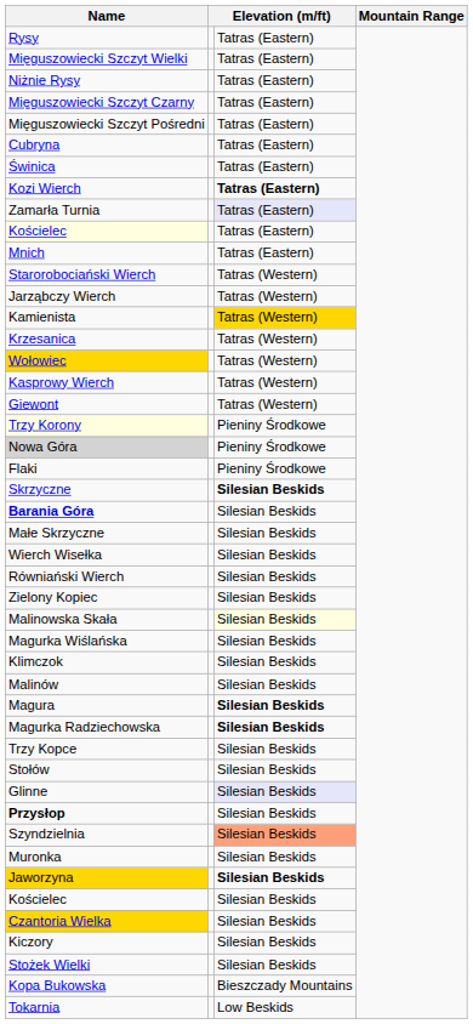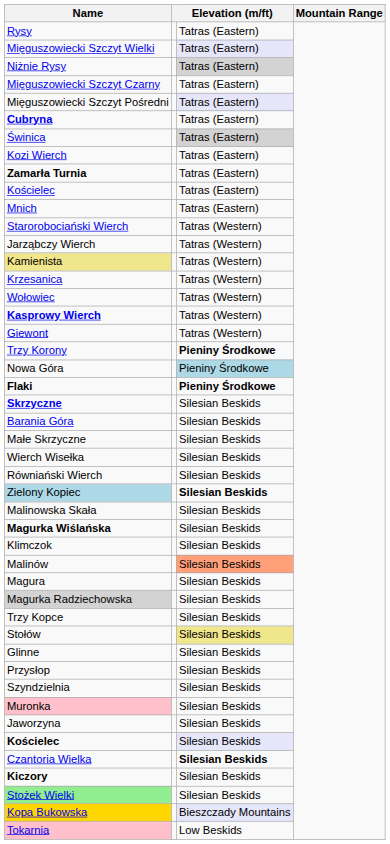 <table class="wikitable sortable">
 <tr>
 <th>Name</th>
 <th colspan=2>Elevation (m/ft)</th>
 <th>Mountain Range</th>
 </tr>
 <tr>
 <td><a href='#'>Rysy</a></td>
 <td></td>
 <td>Tatras (Eastern)</td>
 </tr>
 <tr>
 <td><a href='#'>Mięguszowiecki Szczyt Wielki</a></td>
 <td></td>
-<td>Tatras (Eastern)</td>
+<td style="background: lavender;">Tatras (Eastern)</td>
 </tr>
 <tr>
 <td><a href='#'>Niżnie Rysy</a></td>
 <td></td>
-<td>Tatras (Eastern)</td>
+<td style="background: lightgrey;">Tatras (Eastern)</td>
 </tr>
 <tr>
 <td><a href='#'>Mięguszowiecki Szczyt Czarny</a></td>
 <td></td>
 <td>Tatras (Eastern)</td>
 </tr>
 <tr>
 <td>Mięguszowiecki Szczyt Pośredni</td>
 <td></td>
-<td>Tatras (Eastern)</td>
+<td style="background: lavender;">Tatras (Eastern)</td>
 </tr>
 <tr>
-<td><a href='#'>Cubryna</a></td>
+<td><strong><a href='#'>Cubryna</a></strong></td>
 <td></td>
 <td>Tatras (Eastern)</td>
 </tr>
 <tr>
 <td><a href='#'>Świnica</a></td>
 <td></td>
-<td>Tatras (Eastern)</td>
+<td style="background: lightgrey;">Tatras (Eastern)</td>
 </tr>
 <tr>
 <td><a href='#'>Kozi Wierch</a></td>
 <td></td>
-<td><strong>Tatras (Eastern)</strong></td>
+<td>Tatras (Eastern)</td>
 </tr>
 <tr>
-<td>Zamarła Turnia</td>
+<td><strong>Zamarła Turnia</strong></td>
 <td></td>
-<td style="background: lavender;">Tatras (Eastern)</td>
+<td>Tatras (Eastern)</td>
 </tr>
 <tr>
-<td style="background: lightyellow;"><a href='#'>Kościelec</a></td>
+<td><a href='#'>Kościelec</a></td>
 <td></td>
 <td>Tatras (Eastern)</td>
 </tr>
 <tr>
 <td><a href='#'>Mnich</a></td>
 <td></td>
 <td>Tatras (Eastern)</td>
 </tr>
 <tr>
 <td><a href='#'>Starorobociański Wierch</a></td>
 <td></td>
 <td>Tatras (Western)</td>
 </tr>
 <tr>
 <td>Jarząbczy Wierch</td>
 <td></td>
 <td>Tatras (Western)</td>
 </tr>
 <tr>
-<td>Kamienista</td>
+<td style="background: khaki;">Kamienista</td>
 <td></td>
-<td style="background: gold;">Tatras (Western)</td>
+<td>Tatras (Western)</td>
 </tr>
 <tr>
 <td><a href='#'>Krzesanica</a></td>
 <td></td>
 <td>Tatras (Western)</td>
 </tr>
 <tr>
-<td style="background: gold;"><a href='#'>Wołowiec</a></td>
+<td><a href='#'>Wołowiec</a></td>
 <td></td>
 <td>Tatras (Western)</td>
 </tr>
 <tr>
-<td><a href='#'>Kasprowy Wierch</a></td>
+<td><strong><a href='#'>Kasprowy Wierch</a></strong></td>
 <td></td>
 <td>Tatras (Western)</td>
 </tr>
 <tr>
 <td><a href='#'>Giewont</a></td>
 <td></td>
 <td>Tatras (Western)</td>
 </tr>
 <tr>
-<td style="background: lightyellow;"><a href='#'>Trzy Korony</a></td>
+<td><a href='#'>Trzy Korony</a></td>
 <td></td>
-<td>Pieniny Środkowe</td>
+<td><strong>Pieniny Środkowe</strong></td>
 </tr>
 <tr>
-<td style="background: lightgrey;">Nowa Góra</td>
+<td>Nowa Góra</td>
 <td></td>
-<td>Pieniny Środkowe</td>
+<td style="background: lightblue;">Pieniny Środkowe</td>
 </tr>
 <tr>
-<td>Flaki</td>
+<td><strong>Flaki</strong></td>
 <td></td>
-<td>Pieniny Środkowe</td>
+<td><strong>Pieniny Środkowe</strong></td>
 </tr>
 <tr>
-<td><a href='#'>Skrzyczne</a></td>
+<td><strong><a href='#'>Skrzyczne</a></strong></td>
 <td></td>
-<td><strong>Silesian Beskids</strong></td>
+<td>Silesian Beskids</td>
 </tr>
 <tr>
-<td><strong><a href='#'>Barania Góra</a></strong></td>
+<td><a href='#'>Barania Góra</a></td>
 <td></td>
 <td>Silesian Beskids</td>
 </tr>
 <tr>
 <td>Małe Skrzyczne</td>
 <td></td>
 <td>Silesian Beskids</td>
 </tr>
 <tr>
 <td>Wierch Wisełka</td>
 <td></td>
 <td>Silesian Beskids</td>
 </tr>
 <tr>
 <td>Równiański Wierch</td>
 <td></td>
 <td>Silesian Beskids</td>
 </tr>
 <tr>
-<td>Zielony Kopiec</td>
+<td style="background: lightblue;">Zielony Kopiec</td>
+<td></td>
+<td><strong>Silesian Beskids</strong></td>
+</tr>
+<tr>
+<td>Malinowska Skała</td>
 <td></td>
 <td>Silesian Beskids</td>
 </tr>
 <tr>
-<td>Malinowska Skała</td>
-<td></td>
-<td style="background: lightyellow;">Silesian Beskids</td>
-</tr>
-<tr>
-<td>Magurka Wiślańska</td>
+<td><strong>Magurka Wiślańska</strong></td>
 <td></td>
 <td>Silesian Beskids</td>
 </tr>
 <tr>
 <td>Klimczok</td>
 <td></td>
 <td>Silesian Beskids</td>
 </tr>
 <tr>
 <td>Malinów</td>
 <td></td>
-<td>Silesian Beskids</td>
+<td style="background: lightsalmon;">Silesian Beskids</td>
 </tr>
 <tr>
 <td>Magura</td>
 <td></td>
-<td><strong>Silesian Beskids</strong></td>
+<td>Silesian Beskids</td>
 </tr>
 <tr>
-<td>Magurka Radziechowska</td>
+<td style="background: lightgrey;">Magurka Radziechowska</td>
 <td></td>
-<td><strong>Silesian Beskids</strong></td>
+<td>Silesian Beskids</td>
 </tr>
 <tr>
 <td>Trzy Kopce</td>
 <td></td>
 <td>Silesian Beskids</td>
 </tr>
 <tr>
 <td>Stołów</td>
 <td></td>
-<td>Silesian Beskids</td>
+<td style="background: khaki;">Silesian Beskids</td>
 </tr>
 <tr>
 <td>Glinne</td>
 <td></td>
-<td style="background: lavender;">Silesian Beskids</td>
+<td>Silesian Beskids</td>
 </tr>
 <tr>
-<td><strong>Przysłop</strong></td>
+<td>Przysłop</td>
 <td></td>
 <td>Silesian Beskids</td>
 </tr>
 <tr>
 <td>Szyndzielnia</td>
 <td></td>
-<td style="background: lightsalmon;">Silesian Beskids</td>
+<td>Silesian Beskids</td>
 </tr>
 <tr>
-<td>Muronka</td>
+<td style="background: pink;">Muronka</td>
 <td></td>
 <td>Silesian Beskids</td>
 </tr>
 <tr>
-<td style="background: gold;">Jaworzyna</td>
+<td>Jaworzyna</td>
+<td></td>
+<td>Silesian Beskids</td>
+</tr>
+<tr>
+<td><strong>Kościelec</strong></td>
+<td></td>
+<td style="background: lavender;">Silesian Beskids</td>
+</tr>
+<tr>
+<td><a href='#'>Czantoria Wielka</a></td>
 <td></td>
 <td><strong>Silesian Beskids</strong></td>
 </tr>
 <tr>
-<td>Kościelec</td>
+<td><strong>Kiczory</strong></td>
 <td></td>
 <td>Silesian Beskids</td>
 </tr>
 <tr>
-<td style="background: gold;"><a href='#'>Czantoria Wielka</a></td>
+<td style="background: lightgreen;"><a href='#'>Stożek Wielki</a></td>
 <td></td>
 <td>Silesian Beskids</td>
 </tr>
 <tr>
-<td>Kiczory</td>
+<td style="background: gold;"><a href='#'>Kopa Bukowska</a></td>
 <td></td>
-<td>Silesian Beskids</td>
+<td style="background: lavender;">Bieszczady Mountains</td>
 </tr>
 <tr>
-<td><a href='#'>Stożek Wielki</a></td>
-<td></td>
-<td>Silesian Beskids</td>
-</tr>
-<tr>
-<td><a href='#'>Kopa Bukowska</a></td>
-<td></td>
-<td>Bieszczady Mountains</td>
-</tr>
-<tr>
-<td><a href='#'>Tokarnia</a></td>
+<td style="background: pink;"><a href='#'>Tokarnia</a></td>
 <td></td>
 <td>Low Beskids</td>
 </tr>
 </table>
